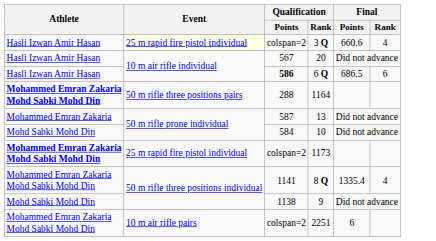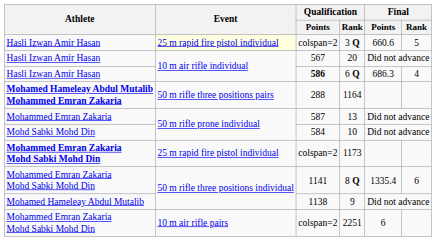 <table class="wikitable" style="font-size:90%;">
 <tr>
 <th rowspan=2>Athlete</th>
 <th rowspan=2>Event</th>
 <th colspan=2>Qualification</th>
 <th colspan=2>Final</th>
 </tr>
 <tr style="font-size:95%">
 <th>Points</th>
 <th>Rank</th>
 <th>Points</th>
 <th>Rank</th>
 </tr>
 <tr align=center>
 <td align=left><a href='#'>Hasli Izwan Amir Hasan</a></td>
 <td align=left style="background: lightyellow;"><a href='#'>25 m rapid fire pistol individual</a></td>
 <td>colspan=2 </td>
 <td>3 <strong>Q</strong></td>
 <td>660.6</td>
-<td>4</td>
+<td>5</td>
 </tr>
 <tr align=center>
 <td align=left><a href='#'>Hasli Izwan Amir Hasan</a></td>
 <td align=left rowspan=2><a href='#'>10 m air rifle individual</a></td>
 <td>567</td>
 <td>20</td>
 <td colspan=2>Did not advance</td>
 </tr>
 <tr align=center>
 <td align=left><a href='#'>Hasli Izwan Amir Hasan</a></td>
 <td><strong>586</strong></td>
 <td>6 <strong>Q</strong></td>
-<td>686.5</td>
-<td>6</td>
+<td>686.3</td>
+<td>4</td>
 </tr>
 <tr align=center>
-<td align=left><strong><a href='#'>Mohammed Emran Zakaria</a><br><a href='#'>Mohd Sabki Mohd Din</a></strong></td>
+<td align=left><strong><a href='#'>Mohamed Hameleay Abdul Mutalib</a><br><a href='#'>Mohammed Emran Zakaria</a></strong></td>
 <td align=left><a href='#'>50 m rifle three positions pairs</a></td>
 <td>288</td>
 <td>1164</td>
 <td></td>
 </tr>
 <tr align=center>
 <td align=left><a href='#'>Mohammed Emran Zakaria</a></td>
 <td align=left rowspan=2><a href='#'>50 m rifle prone individual</a></td>
 <td>587</td>
 <td>13</td>
 <td colspan=2>Did not advance</td>
 </tr>
 <tr align=center>
 <td align=left><a href='#'>Mohd Sabki Mohd Din</a></td>
 <td>584</td>
 <td>10</td>
 <td colspan=2>Did not advance</td>
 </tr>
 <tr align=center>
 <td align=left><strong><a href='#'>Mohammed Emran Zakaria</a><br><a href='#'>Mohd Sabki Mohd Din</a></strong></td>
 <td align=left><a href='#'>25 m rapid fire pistol individual</a></td>
 <td>colspan=2 </td>
 <td>1173</td>
 <td></td>
 </tr>
 <tr align=center>
 <td align=left><a href='#'>Mohammed Emran Zakaria</a><br><a href='#'>Mohd Sabki Mohd Din</a></td>
 <td align=left rowspan=2><a href='#'>50 m rifle three positions individual</a></td>
 <td>1141</td>
 <td>8 <strong>Q</strong></td>
 <td>1335.4</td>
-<td>4</td>
+<td>6</td>
 </tr>
 <tr align=center>
-<td align=left><a href='#'>Mohd Sabki Mohd Din</a></td>
+<td align=left><a href='#'>Mohamed Hameleay Abdul Mutalib</a></td>
 <td>1138</td>
 <td>9</td>
 <td colspan=2>Did not advance</td>
 </tr>
 <tr align=center>
 <td align=left><a href='#'>Mohammed Emran Zakaria</a><br><a href='#'>Mohd Sabki Mohd Din</a></td>
 <td align=left><a href='#'>10 m air rifle pairs</a></td>
 <td>colspan=2 </td>
 <td>2251</td>
 <td>6</td>
 </tr>
 </table>
